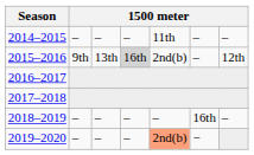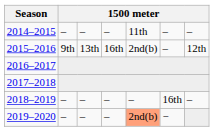 <table class="wikitable" style="display: inline-table;">
 <tr>
 <th>Season</th>
 <th colspan="6">1500 meter</th>
 </tr>
 <tr>
 <td><a href='#'>2014–2015</a></td>
 <td>–</td>
 <td>–</td>
 <td>–</td>
 <td>11th</td>
 <td>–</td>
 <td>–</td>
 </tr>
 <tr>
 <td><a href='#'>2015–2016</a></td>
 <td>9th</td>
 <td>13th</td>
-<td style="background: lightgrey;">16th</td>
+<td>16th</td>
 <td>2nd(b)</td>
 <td>–</td>
 <td>12th</td>
 </tr>
 <tr>
 <td><a href='#'>2016–2017</a></td>
 <td colspan="6" bgcolor=#EEEEEE></td>
 </tr>
 <tr>
 <td><a href='#'>2017–2018</a></td>
 <td colspan="6" bgcolor=#EEEEEE></td>
 </tr>
 <tr>
 <td><a href='#'>2018–2019</a></td>
 <td>–</td>
 <td>–</td>
 <td>–</td>
 <td>–</td>
 <td>16th</td>
 <td>–</td>
 </tr>
 <tr>
 <td><a href='#'>2019–2020</a></td>
 <td>–</td>
 <td>–</td>
 <td>–</td>
 <td style="background: lightsalmon;">2nd(b)</td>
 <td>−</td>
 <td colspan="1" bgcolor=#EEEEEE></td>
 </tr>
 </table>
